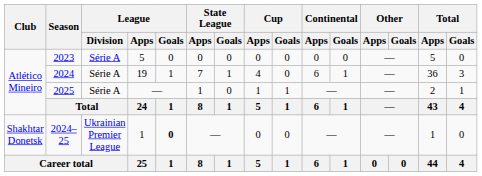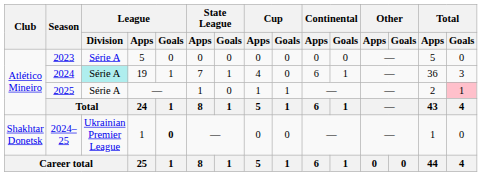 <table class="wikitable" style="text-align: center;">
 <tr>
 <th rowspan="2">Club</th>
 <th rowspan="2">Season</th>
 <th colspan="3">League</th>
 <th colspan="2">State League</th>
 <th colspan="2">Cup</th>
 <th colspan="2">Continental</th>
 <th colspan="2">Other</th>
 <th colspan="2">Total</th>
 </tr>
 <tr>
 <th>Division</th>
 <th>Apps</th>
 <th>Goals</th>
 <th>Apps</th>
 <th>Goals</th>
 <th>Apps</th>
 <th>Goals</th>
 <th>Apps</th>
 <th>Goals</th>
 <th>Apps</th>
 <th>Goals</th>
 <th>Apps</th>
 <th>Goals</th>
 </tr>
 <tr>
 <td valign="center" rowspan=4><a href='#'>Atlético Mineiro</a></td>
 <td><a href='#'>2023</a></td>
 <td><a href='#'>Série A</a></td>
 <td>5</td>
 <td>0</td>
 <td>0</td>
 <td>0</td>
 <td>0</td>
 <td>0</td>
 <td>0</td>
 <td>0</td>
 <td colspan="2">—</td>
 <td>5</td>
 <td>0</td>
 </tr>
 <tr>
 <td><a href='#'>2024</a></td>
-<td>Série A</td>
+<td style="background: paleturquoise;">Série A</td>
 <td>19</td>
 <td>1</td>
 <td>7</td>
 <td>1</td>
 <td>4</td>
 <td>0</td>
 <td>6</td>
 <td>1</td>
 <td colspan="2">—</td>
 <td>36</td>
 <td>3</td>
 </tr>
 <tr>
 <td><a href='#'>2025</a></td>
 <td>Série A</td>
 <td colspan="2">—</td>
 <td>1</td>
 <td>0</td>
 <td>1</td>
 <td>1</td>
 <td colspan="2">—</td>
 <td colspan="2">—</td>
 <td>2</td>
-<td>1</td>
+<td style="background: pink;">1</td>
 </tr>
 <tr>
 <th colspan="2">Total</th>
 <th>24</th>
 <th>1</th>
 <th>8</th>
 <th>1</th>
 <th>5</th>
 <th>1</th>
 <th>6</th>
 <th>1</th>
 <th colspan="2">—</th>
 <th>43</th>
 <th>4</th>
 </tr>
 <tr>
 <td valign="center" rowspan=1><a href='#'>Shakhtar Donetsk</a></td>
 <td><a href='#'>2024–25</a></td>
 <td><a href='#'>Ukrainian Premier League</a></td>
 <td>1</td>
 <td><strong>0</strong></td>
 <td colspan="2">—</td>
 <td>0</td>
 <td>0</td>
 <td colspan="2">—</td>
 <td colspan="2">—</td>
 <td>1</td>
 <td>0</td>
 </tr>
 <tr>
 <th colspan="3"><strong>Career total</strong></th>
 <th>25</th>
 <th>1</th>
 <th>8</th>
 <th>1</th>
 <th>5</th>
 <th>1</th>
 <th>6</th>
 <th>1</th>
 <th>0</th>
 <th>0</th>
 <th>44</th>
 <th>4</th>
 </tr>
 </table>
